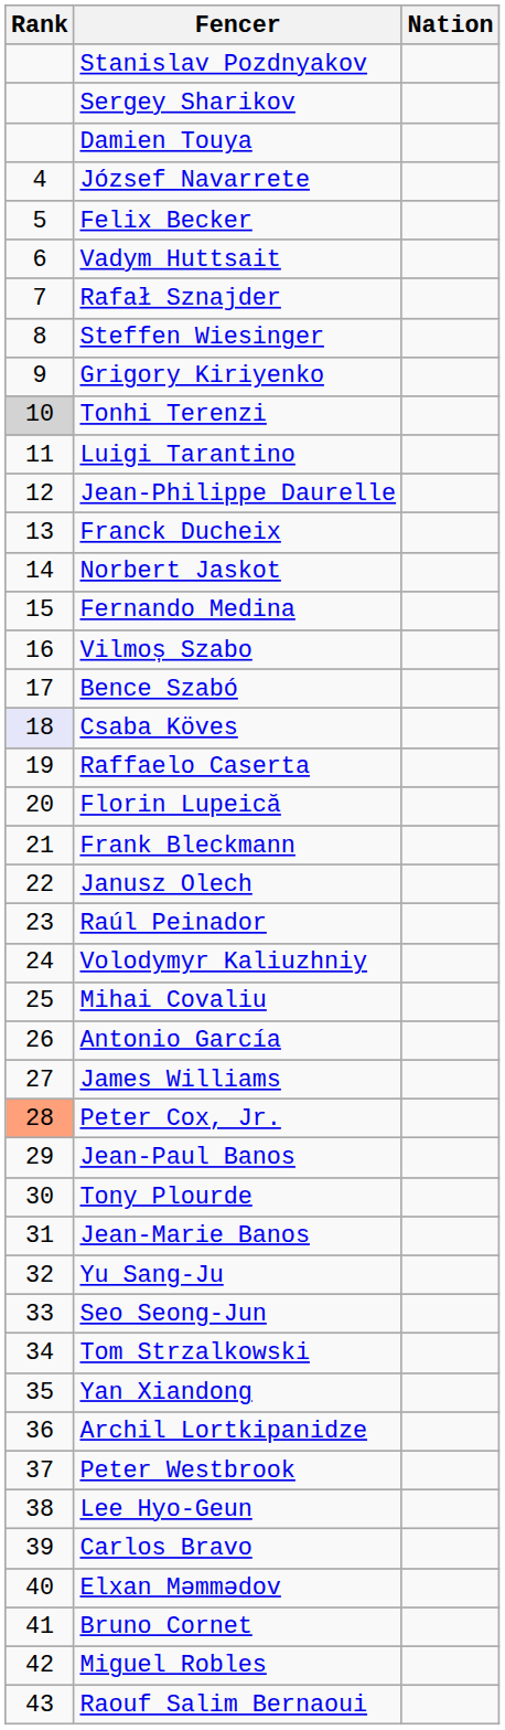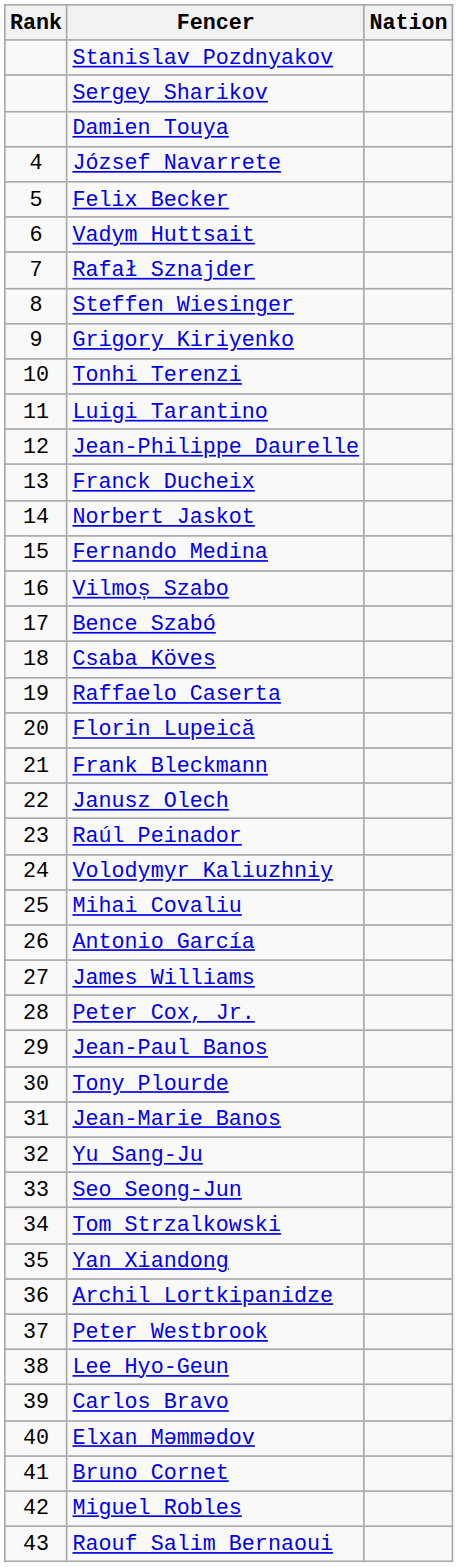 <table class="wikitable sortable" style="text-align: center;">
 <tr>
 <th>Rank</th>
 <th>Fencer</th>
 <th>Nation</th>
 </tr>
 <tr>
 <td></td>
 <td align=left><a href='#'>Stanislav Pozdnyakov</a></td>
 <td align=left></td>
 </tr>
 <tr>
 <td></td>
 <td align=left><a href='#'>Sergey Sharikov</a></td>
 <td align=left></td>
 </tr>
 <tr>
 <td></td>
 <td align=left><a href='#'>Damien Touya</a></td>
 <td align=left></td>
 </tr>
 <tr>
 <td>4</td>
 <td align=left><a href='#'>József Navarrete</a></td>
 <td align=left></td>
 </tr>
 <tr>
 <td>5</td>
 <td align=left><a href='#'>Felix Becker</a></td>
 <td align=left></td>
 </tr>
 <tr>
 <td>6</td>
 <td align=left><a href='#'>Vadym Huttsait</a></td>
 <td align=left></td>
 </tr>
 <tr>
 <td>7</td>
 <td align=left><a href='#'>Rafał Sznajder</a></td>
 <td align=left></td>
 </tr>
 <tr>
 <td>8</td>
 <td align=left><a href='#'>Steffen Wiesinger</a></td>
 <td align=left></td>
 </tr>
 <tr>
 <td>9</td>
 <td align=left><a href='#'>Grigory Kiriyenko</a></td>
 <td align=left></td>
 </tr>
 <tr>
-<td style="background: lightgrey;">10</td>
+<td>10</td>
 <td align=left><a href='#'>Tonhi Terenzi</a></td>
 <td align=left></td>
 </tr>
 <tr>
 <td>11</td>
 <td align=left><a href='#'>Luigi Tarantino</a></td>
 <td align=left></td>
 </tr>
 <tr>
 <td>12</td>
 <td align=left><a href='#'>Jean-Philippe Daurelle</a></td>
 <td align=left></td>
 </tr>
 <tr>
 <td>13</td>
 <td align=left><a href='#'>Franck Ducheix</a></td>
 <td align=left></td>
 </tr>
 <tr>
 <td>14</td>
 <td align=left><a href='#'>Norbert Jaskot</a></td>
 <td align=left></td>
 </tr>
 <tr>
 <td>15</td>
 <td align=left><a href='#'>Fernando Medina</a></td>
 <td align=left></td>
 </tr>
 <tr>
 <td>16</td>
 <td align=left><a href='#'>Vilmoș Szabo</a></td>
 <td align=left></td>
 </tr>
 <tr>
 <td>17</td>
 <td align=left><a href='#'>Bence Szabó</a></td>
 <td align=left></td>
 </tr>
 <tr>
-<td style="background: lavender;">18</td>
+<td>18</td>
 <td align=left><a href='#'>Csaba Köves</a></td>
 <td align=left></td>
 </tr>
 <tr>
 <td>19</td>
 <td align=left><a href='#'>Raffaelo Caserta</a></td>
 <td align=left></td>
 </tr>
 <tr>
 <td>20</td>
 <td align=left><a href='#'>Florin Lupeică</a></td>
 <td align=left></td>
 </tr>
 <tr>
 <td>21</td>
 <td align=left><a href='#'>Frank Bleckmann</a></td>
 <td align=left></td>
 </tr>
 <tr>
 <td>22</td>
 <td align=left><a href='#'>Janusz Olech</a></td>
 <td align=left></td>
 </tr>
 <tr>
 <td>23</td>
 <td align=left><a href='#'>Raúl Peinador</a></td>
 <td align=left></td>
 </tr>
 <tr>
 <td>24</td>
 <td align=left><a href='#'>Volodymyr Kaliuzhniy</a></td>
 <td align=left></td>
 </tr>
 <tr>
 <td>25</td>
 <td align=left><a href='#'>Mihai Covaliu</a></td>
 <td align=left></td>
 </tr>
 <tr>
 <td>26</td>
 <td align=left><a href='#'>Antonio García</a></td>
 <td align=left></td>
 </tr>
 <tr>
 <td>27</td>
 <td align=left><a href='#'>James Williams</a></td>
 <td align=left></td>
 </tr>
 <tr>
-<td style="background: lightsalmon;">28</td>
+<td>28</td>
 <td align=left><a href='#'>Peter Cox, Jr.</a></td>
 <td align=left></td>
 </tr>
 <tr>
 <td>29</td>
 <td align=left><a href='#'>Jean-Paul Banos</a></td>
 <td align=left></td>
 </tr>
 <tr>
 <td>30</td>
 <td align=left><a href='#'>Tony Plourde</a></td>
 <td align=left></td>
 </tr>
 <tr>
 <td>31</td>
 <td align=left><a href='#'>Jean-Marie Banos</a></td>
 <td align=left></td>
 </tr>
 <tr>
 <td>32</td>
 <td align=left><a href='#'>Yu Sang-Ju</a></td>
 <td align=left></td>
 </tr>
 <tr>
 <td>33</td>
 <td align=left><a href='#'>Seo Seong-Jun</a></td>
 <td align=left></td>
 </tr>
 <tr>
 <td>34</td>
 <td align=left><a href='#'>Tom Strzalkowski</a></td>
 <td align=left></td>
 </tr>
 <tr>
 <td>35</td>
 <td align=left><a href='#'>Yan Xiandong</a></td>
 <td align=left></td>
 </tr>
 <tr>
 <td>36</td>
 <td align=left><a href='#'>Archil Lortkipanidze</a></td>
 <td align=left></td>
 </tr>
 <tr>
 <td>37</td>
 <td align=left><a href='#'>Peter Westbrook</a></td>
 <td align=left></td>
 </tr>
 <tr>
 <td>38</td>
 <td align=left><a href='#'>Lee Hyo-Geun</a></td>
 <td align=left></td>
 </tr>
 <tr>
 <td>39</td>
 <td align=left><a href='#'>Carlos Bravo</a></td>
 <td align=left></td>
 </tr>
 <tr>
 <td>40</td>
 <td align=left><a href='#'>Elxan Məmmədov</a></td>
 <td align=left></td>
 </tr>
 <tr>
 <td>41</td>
 <td align=left><a href='#'>Bruno Cornet</a></td>
 <td align=left></td>
 </tr>
 <tr>
 <td>42</td>
 <td align=left><a href='#'>Miguel Robles</a></td>
 <td align=left></td>
 </tr>
 <tr>
 <td>43</td>
 <td align=left><a href='#'>Raouf Salim Bernaoui</a></td>
 <td align=left></td>
 </tr>
 </table>
